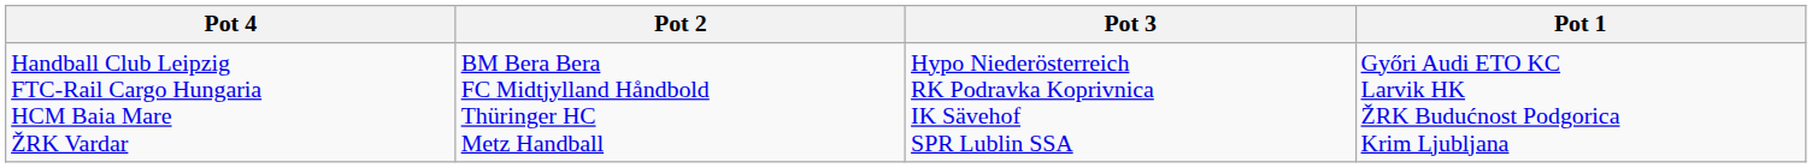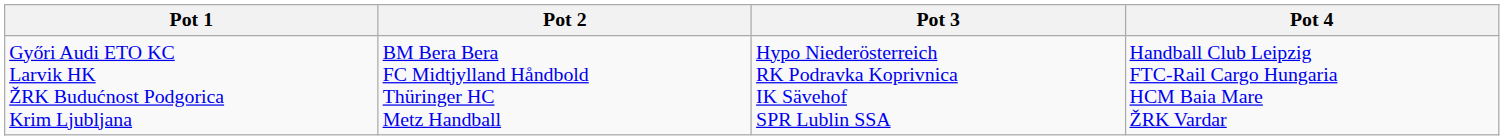 <table class="wikitable">
 <tr>
-<th width=15%>Pot 4</th>
+<th width=15%>Pot 1</th>
 <th width=15%>Pot 2</th>
 <th width=15%>Pot 3</th>
-<th width=15%>Pot 1</th>
+<th width=15%>Pot 4</th>
 </tr>
 <tr>
-<td valign="top"> <a href='#'>Handball Club Leipzig</a><br> <a href='#'>FTC-Rail Cargo Hungaria</a><br> <a href='#'>HCM Baia Mare</a><br> <a href='#'>ŽRK Vardar</a></td>
+<td valign="top"> <a href='#'>Győri Audi ETO KC</a><br> <a href='#'>Larvik HK</a><br> <a href='#'>ŽRK Budućnost Podgorica</a><br> <a href='#'>Krim Ljubljana</a></td>
 <td valign="top"> <a href='#'>BM Bera Bera</a><br> <a href='#'>FC Midtjylland Håndbold</a><br> <a href='#'>Thüringer HC</a><br> <a href='#'>Metz Handball</a></td>
 <td valign="top"> <a href='#'>Hypo Niederösterreich</a><br> <a href='#'>RK Podravka Koprivnica</a><br> <a href='#'>IK Sävehof</a><br> <a href='#'>SPR Lublin SSA</a></td>
-<td valign="top"> <a href='#'>Győri Audi ETO KC</a><br> <a href='#'>Larvik HK</a><br> <a href='#'>ŽRK Budućnost Podgorica</a><br> <a href='#'>Krim Ljubljana</a></td>
+<td valign="top"> <a href='#'>Handball Club Leipzig</a><br> <a href='#'>FTC-Rail Cargo Hungaria</a><br> <a href='#'>HCM Baia Mare</a><br> <a href='#'>ŽRK Vardar</a></td>
 </tr>
 </table>
